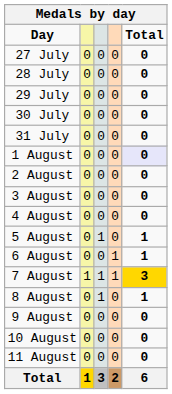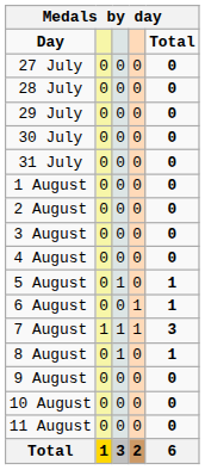 <table class="wikitable" style="font-size:85%">
 <tr style="background:#efefef;">
 <th colspan=7><strong>Medals by day</strong></th>
 </tr>
 <tr align=center>
 <td><strong>Day</strong></td>
 <td bgcolor=#f7f6a8></td>
 <td bgcolor=#dce5e5></td>
 <td bgcolor=#ffdab9></td>
 <td><strong>Total</strong></td>
 </tr>
 <tr align=center>
 <td>27 July</td>
 <td style="background:#F7F6A8;">0</td>
 <td style="background:#DCE5E5;">0</td>
 <td style="background:#FFDAB9;">0</td>
 <td><strong>0</strong></td>
 </tr>
 <tr align=center>
 <td>28 July</td>
 <td style="background:#F7F6A8;">0</td>
 <td style="background:#DCE5E5;">0</td>
 <td style="background:#FFDAB9;">0</td>
 <td><strong>0</strong></td>
 </tr>
 <tr align=center>
 <td>29 July</td>
 <td style="background:#F7F6A8;">0</td>
 <td style="background:#DCE5E5;">0</td>
 <td style="background:#FFDAB9;">0</td>
 <td><strong>0</strong></td>
 </tr>
 <tr align=center>
 <td>30 July</td>
 <td style="background:#F7F6A8;">0</td>
 <td style="background:#DCE5E5;">0</td>
 <td style="background:#FFDAB9;">0</td>
 <td><strong>0</strong></td>
 </tr>
 <tr align=center>
 <td>31 July</td>
 <td style="background:#F7F6A8;">0</td>
 <td style="background:#DCE5E5;">0</td>
 <td style="background:#FFDAB9;">0</td>
 <td><strong>0</strong></td>
 </tr>
 <tr align=center>
 <td>1 August</td>
 <td style="background:#F7F6A8;">0</td>
 <td style="background:#DCE5E5;">0</td>
 <td style="background:#FFDAB9;">0</td>
-<td style="background: lavender;"><strong>0</strong></td>
+<td><strong>0</strong></td>
 </tr>
 <tr align=center>
 <td>2 August</td>
 <td style="background:#F7F6A8;">0</td>
 <td style="background:#DCE5E5;">0</td>
 <td style="background:#FFDAB9;">0</td>
 <td><strong>0</strong></td>
 </tr>
 <tr align=center>
 <td>3 August</td>
 <td style="background:#F7F6A8;">0</td>
 <td style="background:#DCE5E5;">0</td>
 <td style="background:#FFDAB9;">0</td>
 <td><strong>0</strong></td>
 </tr>
 <tr align=center>
 <td>4 August</td>
 <td style="background:#F7F6A8;">0</td>
 <td style="background:#DCE5E5;">0</td>
 <td style="background:#FFDAB9;">0</td>
 <td><strong>0</strong></td>
 </tr>
 <tr align=center>
 <td>5 August</td>
 <td style="background:#F7F6A8;">0</td>
 <td style="background:#DCE5E5;">1</td>
 <td style="background:#FFDAB9;">0</td>
 <td><strong>1</strong></td>
 </tr>
 <tr align=center>
 <td>6 August</td>
 <td style="background:#F7F6A8;">0</td>
 <td style="background:#DCE5E5;">0</td>
 <td style="background:#FFDAB9;">1</td>
 <td><strong>1</strong></td>
 </tr>
 <tr align=center>
 <td>7 August</td>
 <td style="background:#F7F6A8;">1</td>
 <td style="background:#DCE5E5;">1</td>
 <td style="background:#FFDAB9;">1</td>
-<td style="background: gold;"><strong>3</strong></td>
+<td><strong>3</strong></td>
 </tr>
 <tr align=center>
 <td>8 August</td>
 <td style="background:#F7F6A8;">0</td>
 <td style="background:#DCE5E5;">1</td>
 <td style="background:#FFDAB9;">0</td>
 <td><strong>1</strong></td>
 </tr>
 <tr align=center>
 <td>9 August</td>
 <td style="background:#F7F6A8;">0</td>
 <td style="background:#DCE5E5;">0</td>
 <td style="background:#FFDAB9;">0</td>
 <td><strong>0</strong></td>
 </tr>
 <tr align=center>
 <td>10 August</td>
 <td style="background:#F7F6A8;">0</td>
 <td style="background:#DCE5E5;">0</td>
 <td style="background:#FFDAB9;">0</td>
 <td><strong>0</strong></td>
 </tr>
 <tr align=center>
 <td>11 August</td>
 <td style="background:#F7F6A8;">0</td>
 <td style="background:#DCE5E5;">0</td>
 <td style="background:#FFDAB9;">0</td>
 <td><strong>0</strong></td>
 </tr>
 <tr align=center>
 <th><strong>Total</strong></th>
 <th style="background:gold;"><strong>1</strong></th>
 <th style="background:silver;"><strong>3</strong></th>
 <th style="background:#c96;"><strong>2</strong></th>
 <th><strong>6</strong></th>
 </tr>
 </table>
